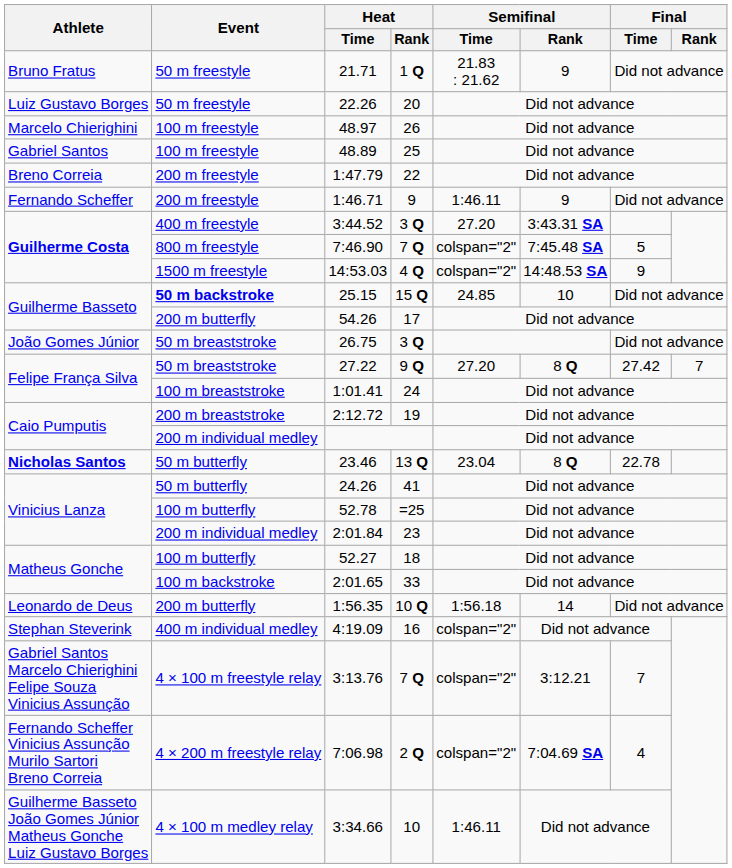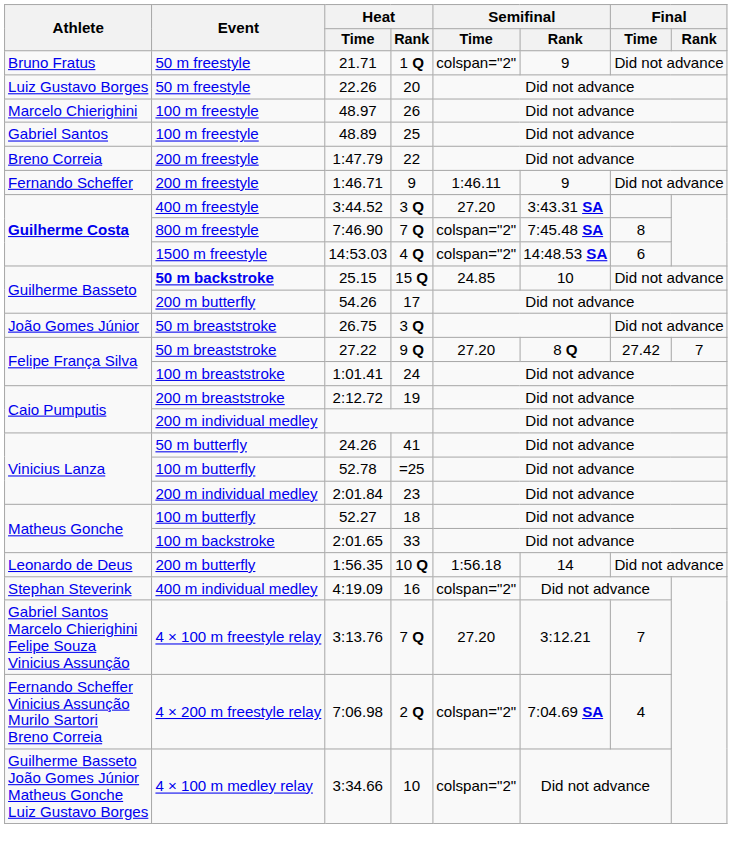 <table class=wikitable style="font-size:90%">
 <tr>
 <th rowspan="2">Athlete</th>
 <th rowspan="2">Event</th>
 <th colspan="2">Heat</th>
 <th colspan="2">Semifinal</th>
 <th colspan="2">Final</th>
 </tr>
 <tr style="font-size:95%">
 <th>Time</th>
 <th>Rank</th>
 <th>Time</th>
 <th>Rank</th>
 <th>Time</th>
 <th>Rank</th>
 </tr>
 <tr align=center>
 <td align=left><a href='#'>Bruno Fratus</a></td>
 <td align=left><a href='#'>50 m freestyle</a></td>
 <td>21.71</td>
 <td>1 <strong>Q</strong></td>
-<td>21.83<br>: 21.62</td>
+<td>colspan="2" </td>
 <td>9</td>
 <td colspan="2">Did not advance</td>
 </tr>
 <tr align=center>
 <td align=left><a href='#'>Luiz Gustavo Borges</a></td>
 <td align=left><a href='#'>50 m freestyle</a></td>
 <td>22.26</td>
 <td>20</td>
 <td colspan="4">Did not advance</td>
 </tr>
 <tr align=center>
 <td align=left><a href='#'>Marcelo Chierighini</a></td>
 <td align=left><a href='#'>100 m freestyle</a></td>
 <td>48.97</td>
 <td>26</td>
 <td colspan="4">Did not advance</td>
 </tr>
 <tr align=center>
 <td align=left><a href='#'>Gabriel Santos</a></td>
 <td align=left><a href='#'>100 m freestyle</a></td>
 <td>48.89</td>
 <td>25</td>
 <td colspan="4">Did not advance</td>
 </tr>
 <tr align=center>
 <td align=left><a href='#'>Breno Correia</a></td>
 <td align=left><a href='#'>200 m freestyle</a></td>
 <td>1:47.79</td>
 <td>22</td>
 <td colspan="4">Did not advance</td>
 </tr>
 <tr align=center>
 <td align=left><a href='#'>Fernando Scheffer</a></td>
 <td align=left><a href='#'>200 m freestyle</a></td>
 <td>1:46.71</td>
 <td>9</td>
 <td>1:46.11</td>
 <td>9</td>
 <td colspan="2">Did not advance</td>
 </tr>
 <tr align=center>
 <td align=left rowspan="3"><strong><a href='#'>Guilherme Costa</a></strong></td>
 <td align=left><a href='#'>400 m freestyle</a></td>
 <td>3:44.52</td>
 <td>3 <strong>Q</strong></td>
 <td>27.20</td>
 <td>3:43.31 <strong><a href='#'>SA</a></strong></td>
 <td></td>
 </tr>
 <tr align=center>
 <td align=left><a href='#'>800 m freestyle</a></td>
 <td>7:46.90</td>
 <td>7 <strong>Q</strong></td>
 <td>colspan="2" </td>
 <td>7:45.48 <strong><a href='#'>SA</a></strong></td>
-<td>5</td>
+<td>8</td>
 </tr>
 <tr align=center>
 <td align=left><a href='#'>1500 m freestyle</a></td>
 <td>14:53.03</td>
 <td>4 <strong>Q</strong></td>
 <td>colspan="2" </td>
 <td>14:48.53 <strong><a href='#'>SA</a></strong></td>
-<td>9</td>
+<td>6</td>
 </tr>
 <tr align=center>
 <td align=left rowspan="2"><a href='#'>Guilherme Basseto</a></td>
 <td align=left><strong><a href='#'>50 m backstroke</a></strong></td>
 <td>25.15</td>
 <td>15 <strong>Q</strong></td>
 <td>24.85</td>
 <td>10</td>
 <td colspan="2">Did not advance</td>
 </tr>
 <tr align=center>
 <td align=left><a href='#'>200 m butterfly</a></td>
 <td>54.26</td>
 <td>17</td>
 <td colspan="4">Did not advance</td>
 </tr>
 <tr align=center>
 <td align=left><a href='#'>João Gomes Júnior</a></td>
 <td align=left><a href='#'>50 m breaststroke</a></td>
 <td>26.75</td>
 <td>3 <strong>Q</strong></td>
 <td colspan="2"></td>
 <td colspan="2">Did not advance</td>
 </tr>
 <tr align=center>
 <td align=left rowspan="2"><a href='#'>Felipe França Silva</a></td>
 <td align=left><a href='#'>50 m breaststroke</a></td>
 <td>27.22</td>
 <td>9 <strong>Q</strong></td>
 <td>27.20</td>
 <td>8 <strong>Q</strong></td>
 <td>27.42</td>
 <td>7</td>
 </tr>
 <tr align=center>
 <td align=left><a href='#'>100 m breaststroke</a></td>
 <td>1:01.41</td>
 <td>24</td>
 <td colspan="4">Did not advance</td>
 </tr>
 <tr align=center>
 <td align=left rowspan="2"><a href='#'>Caio Pumputis</a></td>
 <td align=left><a href='#'>200 m breaststroke</a></td>
 <td>2:12.72</td>
 <td>19</td>
 <td colspan="4">Did not advance</td>
 </tr>
 <tr align=center>
 <td align=left><a href='#'>200 m individual medley</a></td>
 <td colspan="2"></td>
 <td colspan="4">Did not advance</td>
-</tr>
-<tr align=center>
-<td align=left><strong><a href='#'>Nicholas Santos</a></strong></td>
-<td align=left><a href='#'>50 m butterfly</a></td>
-<td>23.46</td>
-<td>13 <strong>Q</strong></td>
-<td>23.04</td>
-<td>8 <strong>Q</strong></td>
-<td>22.78</td>
-<td></td>
 </tr>
 <tr align=center>
 <td align=left rowspan="3"><a href='#'>Vinicius Lanza</a></td>
 <td align=left><a href='#'>50 m butterfly</a></td>
 <td>24.26</td>
 <td>41</td>
 <td colspan="4">Did not advance</td>
 </tr>
 <tr align=center>
 <td align=left><a href='#'>100 m butterfly</a></td>
 <td>52.78</td>
 <td>=25</td>
 <td colspan="4">Did not advance</td>
 </tr>
 <tr align=center>
 <td align=left><a href='#'>200 m individual medley</a></td>
 <td>2:01.84</td>
 <td>23</td>
 <td colspan="4">Did not advance</td>
 </tr>
 <tr align=center>
 <td align=left rowspan="2"><a href='#'>Matheus Gonche</a></td>
 <td align=left><a href='#'>100 m butterfly</a></td>
 <td>52.27</td>
 <td>18</td>
 <td colspan="4">Did not advance</td>
 </tr>
 <tr align=center>
 <td align=left><a href='#'>100 m backstroke</a></td>
 <td>2:01.65</td>
 <td>33</td>
 <td colspan="4">Did not advance</td>
 </tr>
 <tr align=center>
 <td align=left><a href='#'>Leonardo de Deus</a></td>
 <td align=left><a href='#'>200 m butterfly</a></td>
 <td>1:56.35</td>
 <td>10 <strong>Q</strong></td>
 <td>1:56.18</td>
 <td>14</td>
 <td colspan="2">Did not advance</td>
 </tr>
 <tr align=center>
 <td align=left><a href='#'>Stephan Steverink</a></td>
 <td align=left><a href='#'>400 m individual medley</a></td>
 <td>4:19.09</td>
 <td>16</td>
 <td>colspan="2" </td>
 <td colspan="2">Did not advance</td>
 </tr>
 <tr align=center>
 <td align=left><a href='#'>Gabriel Santos</a><br><a href='#'>Marcelo Chierighini</a><br><a href='#'>Felipe Souza</a><br><a href='#'>Vinicius Assunção</a></td>
 <td align=left><a href='#'>4 × 100 m freestyle relay</a></td>
 <td>3:13.76</td>
 <td>7 <strong>Q</strong></td>
-<td>colspan="2" </td>
+<td>27.20</td>
 <td>3:12.21</td>
 <td>7</td>
 </tr>
 <tr align=center>
 <td align=left><a href='#'>Fernando Scheffer</a><br><a href='#'>Vinicius Assunção</a><br><a href='#'>Murilo Sartori</a><br><a href='#'>Breno Correia</a></td>
 <td align=left><a href='#'>4 × 200 m freestyle relay</a></td>
 <td>7:06.98</td>
 <td>2 <strong>Q</strong></td>
 <td>colspan="2" </td>
 <td>7:04.69 <strong><a href='#'>SA</a></strong></td>
 <td>4</td>
 </tr>
 <tr align=center>
 <td align=left><a href='#'>Guilherme Basseto</a><br><a href='#'>João Gomes Júnior</a><br><a href='#'>Matheus Gonche</a><br><a href='#'>Luiz Gustavo Borges</a></td>
 <td align=left><a href='#'>4 × 100 m medley relay</a></td>
 <td>3:34.66</td>
 <td>10</td>
-<td>1:46.11</td>
+<td>colspan="2" </td>
 <td colspan="2">Did not advance</td>
 </tr>
 </table>
